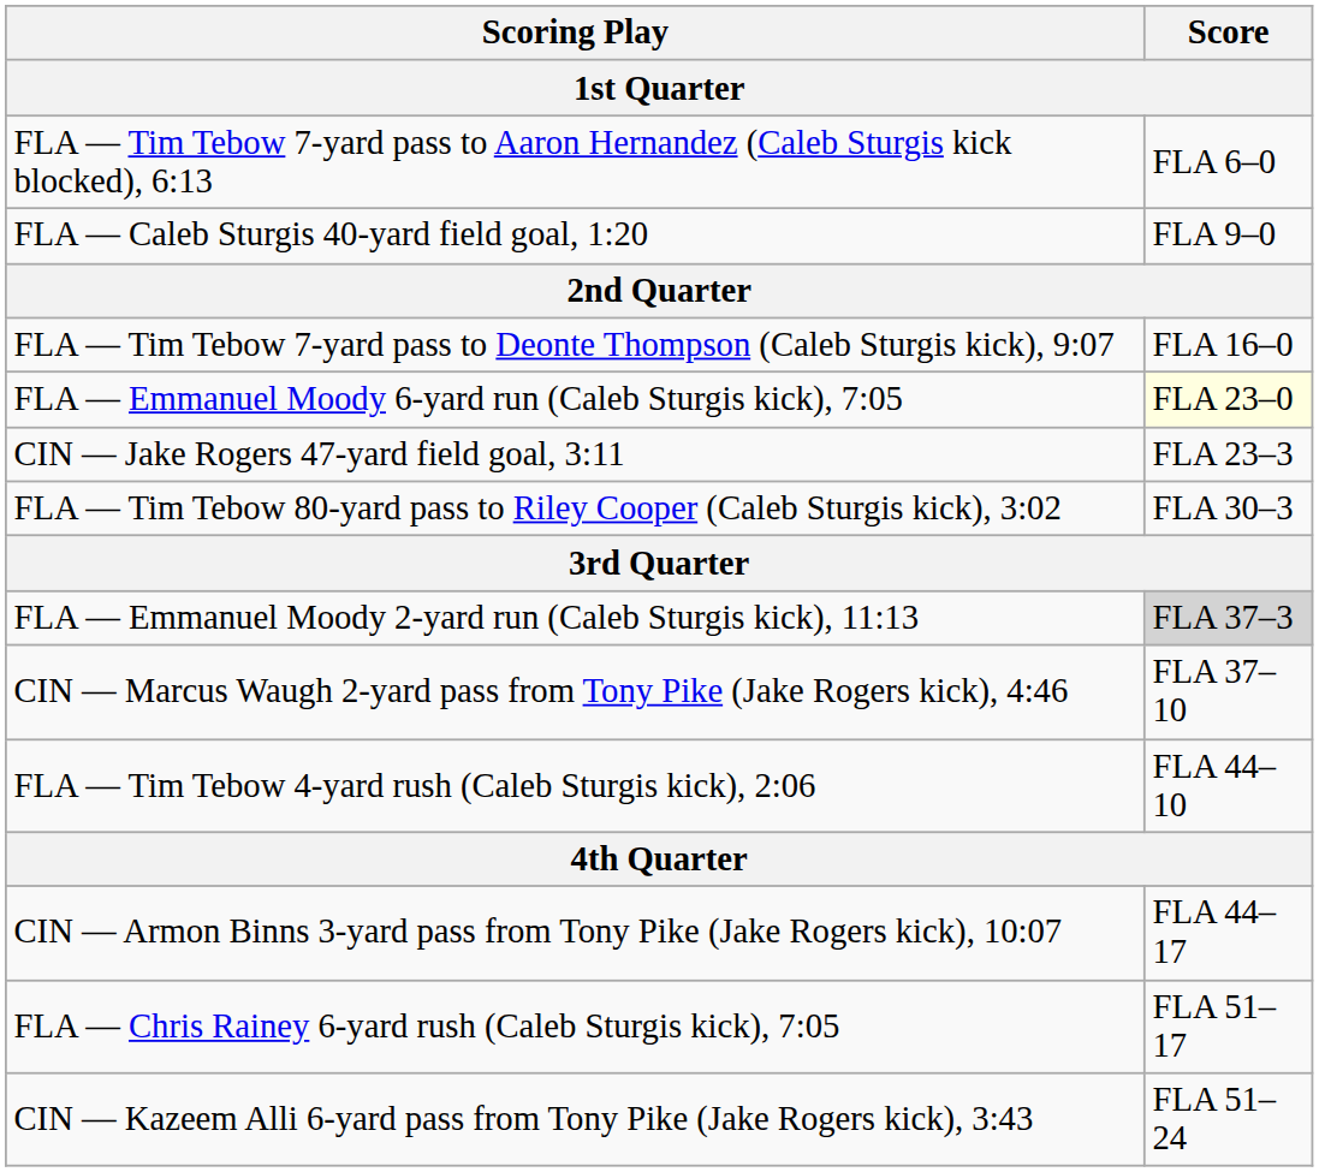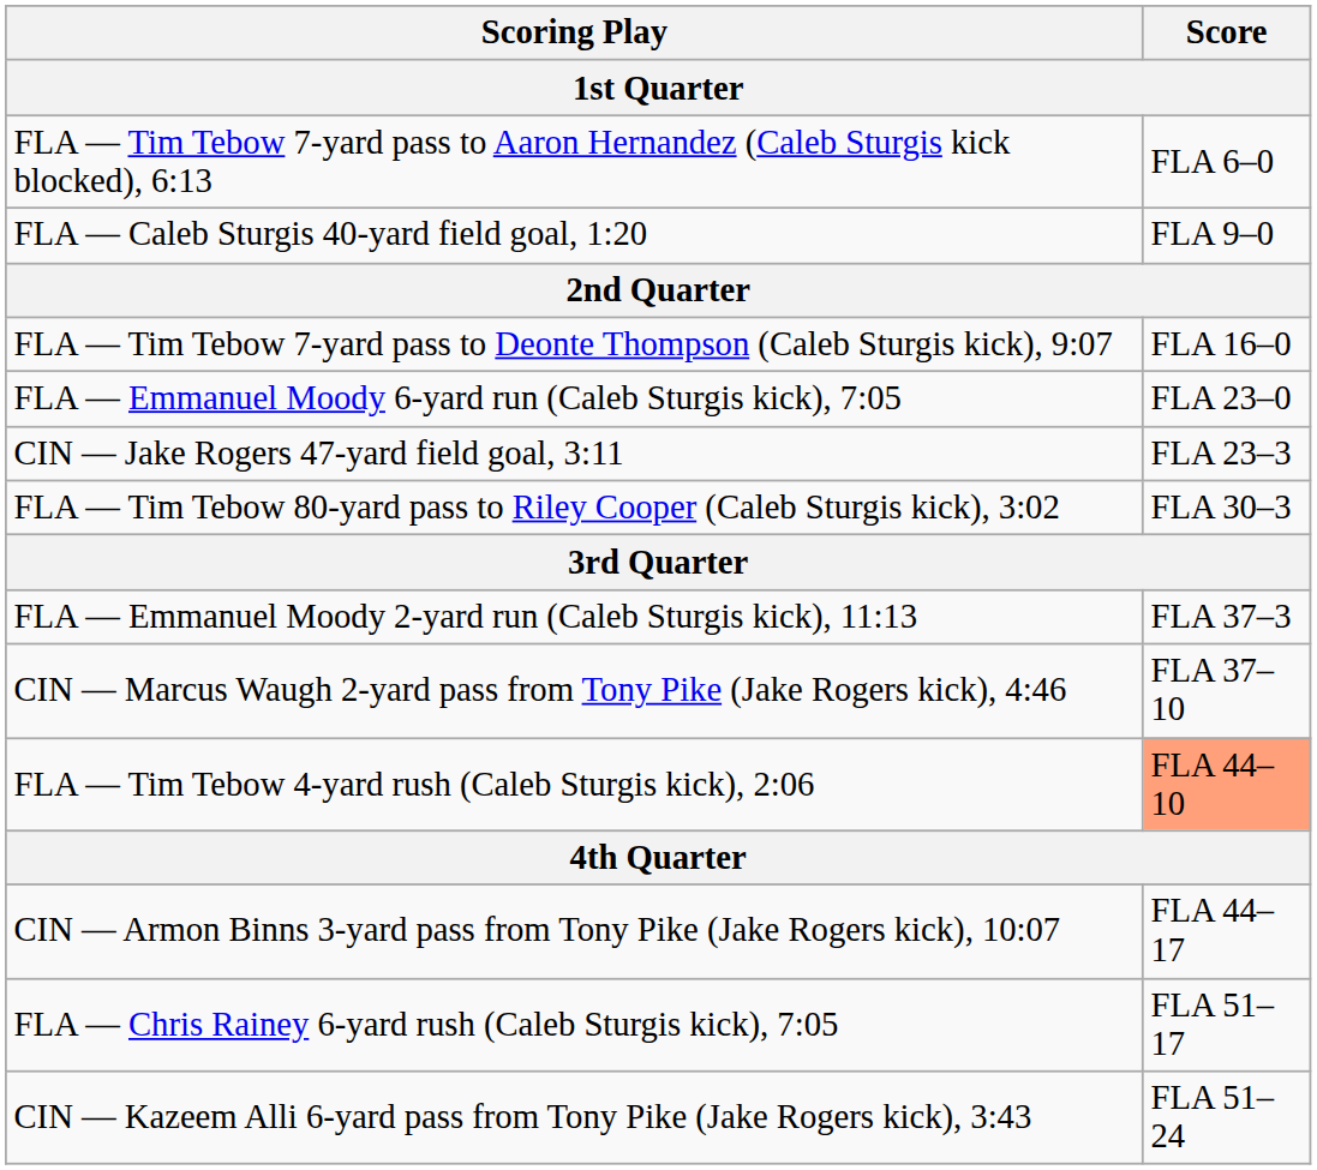 <table class="wikitable">
 <tr>
 <th>Scoring Play</th>
 <th>Score</th>
 </tr>
 <tr>
 <th colspan="4" align="center"><strong>1st Quarter</strong></th>
 </tr>
 <tr>
 <td>FLA — <a href='#'>Tim Tebow</a> 7-yard pass to <a href='#'>Aaron Hernandez</a> (<a href='#'>Caleb Sturgis</a> kick blocked), 6:13</td>
 <td>FLA 6–0</td>
 </tr>
 <tr>
 <td>FLA — Caleb Sturgis 40-yard field goal, 1:20</td>
 <td>FLA 9–0</td>
 </tr>
 <tr>
 <th colspan="4" align="center"><strong>2nd Quarter</strong></th>
 </tr>
 <tr>
 <td>FLA — Tim Tebow 7-yard pass to <a href='#'>Deonte Thompson</a> (Caleb Sturgis kick), 9:07</td>
 <td>FLA 16–0</td>
 </tr>
 <tr>
 <td>FLA — <a href='#'>Emmanuel Moody</a> 6-yard run (Caleb Sturgis kick), 7:05</td>
-<td style="background: lightyellow;">FLA 23–0</td>
+<td>FLA 23–0</td>
 </tr>
 <tr>
 <td>CIN — Jake Rogers 47-yard field goal, 3:11</td>
 <td>FLA 23–3</td>
 </tr>
 <tr>
 <td>FLA — Tim Tebow 80-yard pass to <a href='#'>Riley Cooper</a> (Caleb Sturgis kick), 3:02</td>
 <td>FLA 30–3</td>
 </tr>
 <tr>
 <th colspan="4" align="center"><strong>3rd Quarter</strong></th>
 </tr>
 <tr>
 <td>FLA — Emmanuel Moody 2-yard run (Caleb Sturgis kick), 11:13</td>
-<td style="background: lightgrey;">FLA 37–3</td>
+<td>FLA 37–3</td>
 </tr>
 <tr>
 <td>CIN — Marcus Waugh 2-yard pass from <a href='#'>Tony Pike</a> (Jake Rogers kick), 4:46</td>
 <td>FLA 37–10</td>
 </tr>
 <tr>
 <td>FLA — Tim Tebow 4-yard rush (Caleb Sturgis kick), 2:06</td>
-<td>FLA 44–10</td>
+<td style="background: lightsalmon;">FLA 44–10</td>
 </tr>
 <tr>
 <th colspan="4" align="center"><strong>4th Quarter</strong></th>
 </tr>
 <tr>
 <td>CIN — Armon Binns 3-yard pass from Tony Pike (Jake Rogers kick), 10:07</td>
 <td>FLA 44–17</td>
 </tr>
 <tr>
 <td>FLA — <a href='#'>Chris Rainey</a> 6-yard rush (Caleb Sturgis kick), 7:05</td>
 <td>FLA 51–17</td>
 </tr>
 <tr>
 <td>CIN — Kazeem Alli 6-yard pass from Tony Pike (Jake Rogers kick), 3:43</td>
 <td>FLA 51–24</td>
 </tr>
 </table>
